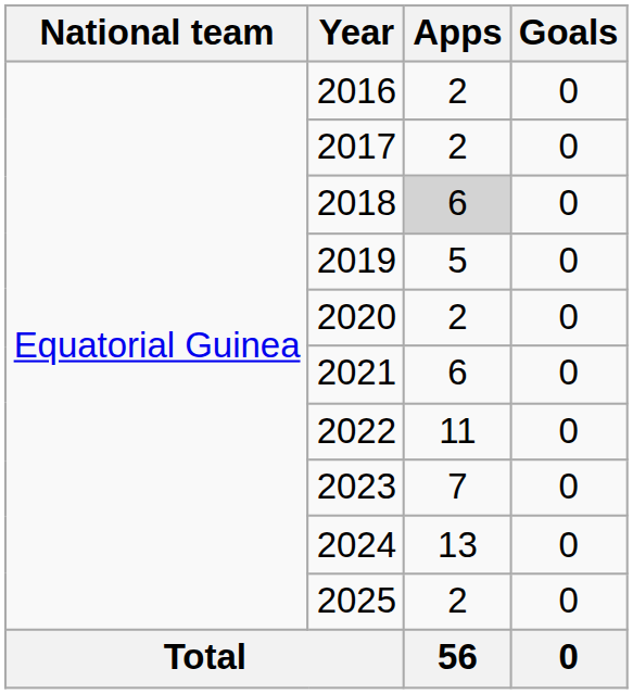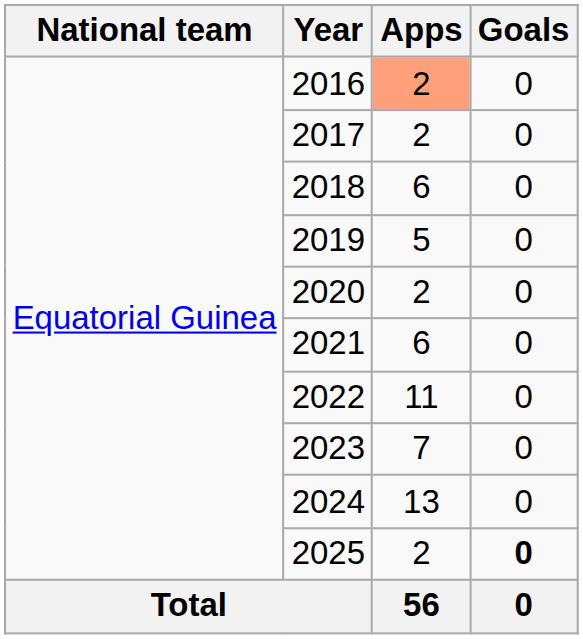 <table class="wikitable" style="text-align:center">
 <tr>
 <th>National team</th>
 <th>Year</th>
 <th>Apps</th>
 <th>Goals</th>
 </tr>
 <tr>
 <td rowspan="10"><a href='#'>Equatorial Guinea</a></td>
 <td>2016</td>
-<td>2</td>
+<td style="background: lightsalmon;">2</td>
 <td>0</td>
 </tr>
 <tr>
 <td>2017</td>
 <td>2</td>
 <td>0</td>
 </tr>
 <tr>
 <td>2018</td>
-<td style="background: lightgrey;">6</td>
+<td>6</td>
 <td>0</td>
 </tr>
 <tr>
 <td>2019</td>
 <td>5</td>
 <td>0</td>
 </tr>
 <tr>
 <td>2020</td>
 <td>2</td>
 <td>0</td>
 </tr>
 <tr>
 <td>2021</td>
 <td>6</td>
 <td>0</td>
 </tr>
 <tr>
 <td>2022</td>
 <td>11</td>
 <td>0</td>
 </tr>
 <tr>
 <td>2023</td>
 <td>7</td>
 <td>0</td>
 </tr>
 <tr>
 <td>2024</td>
 <td>13</td>
 <td>0</td>
 </tr>
 <tr>
 <td>2025</td>
 <td>2</td>
-<td>0</td>
+<td><strong>0</strong></td>
 </tr>
 <tr>
 <th colspan=2>Total</th>
 <th>56</th>
 <th>0</th>
 </tr>
 </table>
